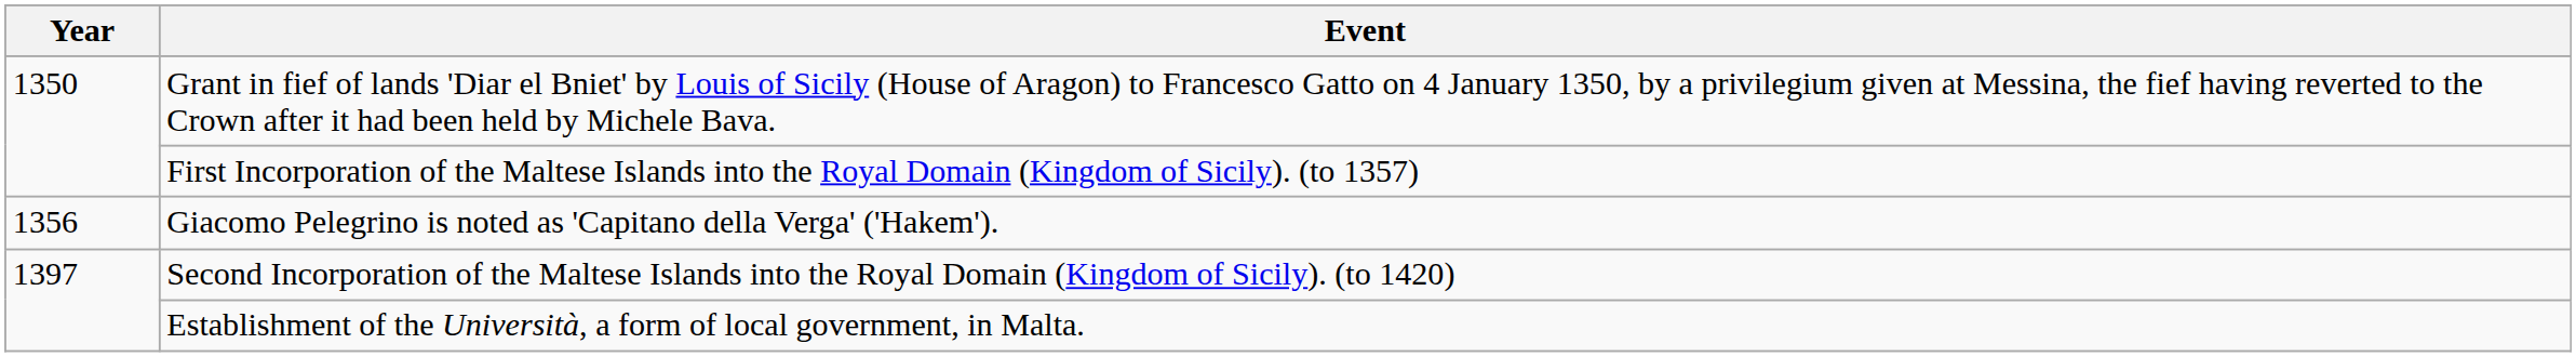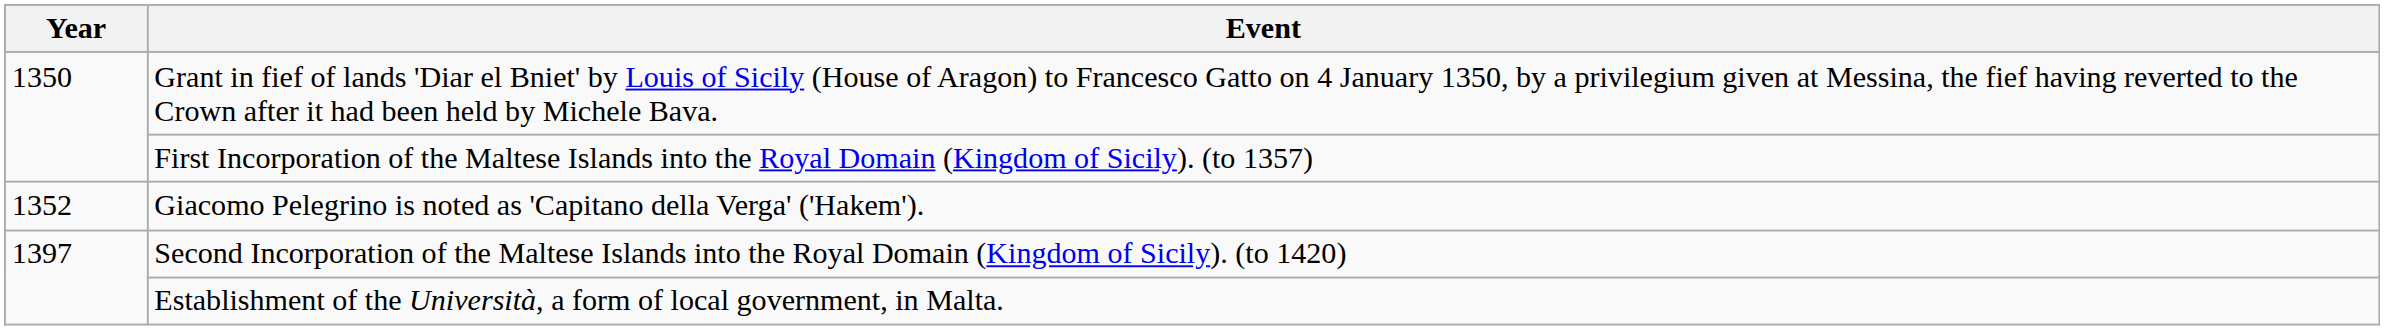 <table class="wikitable" width="100%">
 <tr>
 <th style="width:6%">Year</th>
 <th>Event</th>
 </tr>
 <tr>
 <td rowspan="2" valign="top">1350</td>
 <td>Grant in fief of lands 'Diar el Bniet' by <a href='#'>Louis of Sicily</a> (House of Aragon) to Francesco Gatto on 4 January 1350, by a privilegium given at Messina, the fief having reverted to the Crown after it had been held by Michele Bava.</td>
 </tr>
 <tr>
 <td>First Incorporation of the Maltese Islands into the <a href='#'>Royal Domain</a> (<a href='#'>Kingdom of Sicily</a>). (to 1357)</td>
 </tr>
 <tr>
-<td>1356</td>
+<td>1352</td>
 <td>Giacomo Pelegrino is noted as 'Capitano della Verga' ('Hakem').</td>
 </tr>
 <tr>
 <td rowspan="2" valign="top">1397</td>
 <td>Second Incorporation of the Maltese Islands into the Royal Domain (<a href='#'>Kingdom of Sicily</a>). (to 1420)</td>
 </tr>
 <tr>
 <td>Establishment of the <em>Università</em>, a form of local government, in Malta.</td>
 </tr>
 </table>
